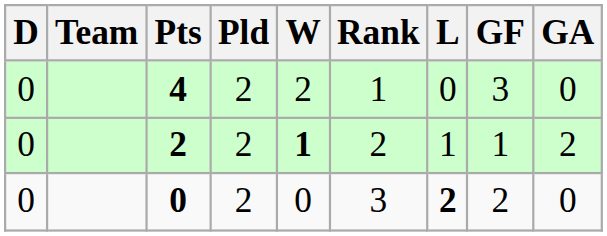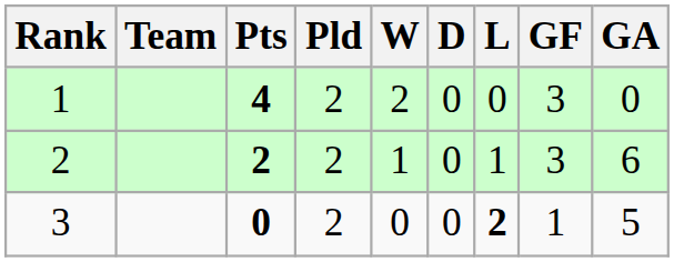 <table class=wikitable>
 <tr align=center>
-<th bgcolor=#efefef>D</th>
+<th bgcolor=#efefef>Rank</th>
 <th bgcolor=#efefef>Team</th>
 <th bgcolor=#efefef>Pts</th>
 <th bgcolor=#efefef>Pld</th>
 <th bgcolor=#efefef>W</th>
-<th bgcolor=#efefef>Rank</th>
+<th bgcolor=#efefef>D</th>
 <th bgcolor=#efefef>L</th>
 <th bgcolor=#efefef>GF</th>
 <th bgcolor=#efefef>GA</th>
 </tr>
 <tr align=center style="background:#ccffcc;">
-<td>0</td>
+<td>1</td>
 <td align=left></td>
 <td><strong>4</strong></td>
 <td>2</td>
 <td>2</td>
-<td>1</td>
+<td>0</td>
 <td>0</td>
 <td>3</td>
 <td>0</td>
 </tr>
 <tr align=center style="background:#ccffcc;">
-<td>0</td>
+<td>2</td>
 <td align=left></td>
 <td><strong>2</strong></td>
 <td>2</td>
-<td><strong>1</strong></td>
-<td>2</td>
 <td>1</td>
+<td>0</td>
 <td>1</td>
-<td>2</td>
+<td>3</td>
+<td>6</td>
 </tr>
 <tr align=center>
-<td>0</td>
+<td>3</td>
 <td align=left></td>
 <td><strong>0</strong></td>
 <td>2</td>
 <td>0</td>
-<td>3</td>
+<td>0</td>
 <td><strong>2</strong></td>
-<td>2</td>
-<td>0</td>
+<td>1</td>
+<td>5</td>
 </tr>
 </table>
